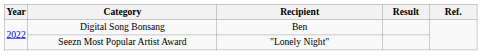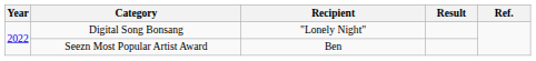 <table class="wikitable" style="text-align:center">
 <tr>
 <th width="5%">Year</th>
 <th width="40%">Category</th>
 <th width="35%">Recipient</th>
 <th width="10%">Result</th>
 <th>Ref.</th>
 </tr>
 <tr>
 <td rowspan="2"><a href='#'>2022</a></td>
 <td>Digital Song Bonsang</td>
-<td>Ben</td>
+<td>"Lonely Night"</td>
 <td></td>
 <td rowspan="2"></td>
 </tr>
 <tr>
 <td>Seezn Most Popular Artist Award</td>
-<td>"Lonely Night"</td>
+<td>Ben</td>
 <td></td>
 </tr>
 </table>
